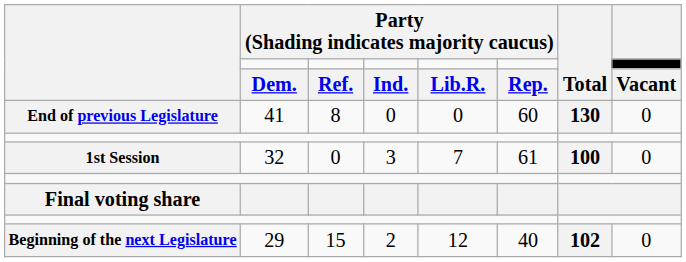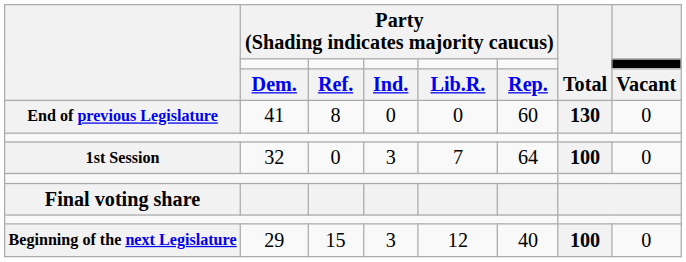 <table class=wikitable style="text-align:center">
 <tr style="vertical-align:bottom;">
 <th rowspan=3></th>
 <th colspan=5>Party <div>(Shading indicates majority caucus)</div></th>
 <th rowspan=3>Total</th>
 <th></th>
 </tr>
 <tr style="height:5px">
 <td style="background-color:"></td>
 <td style="background-color:"></td>
 <td style="background-color:"></td>
 <td style="background-color:"></td>
 <td style="background-color:"></td>
 <td style="background:black;"></td>
 </tr>
 <tr>
 <th><a href='#'>Dem.</a></th>
 <th><a href='#'>Ref.</a></th>
 <th><a href='#'>Ind.</a></th>
 <th><a href='#'>Lib.R.</a></th>
 <th><a href='#'>Rep.</a></th>
 <th>Vacant</th>
 </tr>
 <tr>
 <th style="font-size:80%;">End of <a href='#'>previous Legislature</a></th>
 <td>41</td>
 <td>8</td>
 <td>0</td>
 <td>0</td>
 <td>60</td>
 <th>130</th>
 <td>0</td>
 </tr>
 <tr>
 <td colspan=6></td>
 </tr>
 <tr>
 <th style="font-size:80%;">1st Session</th>
 <td>32</td>
 <td>0</td>
 <td>3</td>
 <td>7</td>
-<td>61</td>
+<td>64</td>
 <th>100</th>
 <td>0</td>
 </tr>
 <tr>
 <td colspan=6></td>
 </tr>
 <tr>
 <th>Final voting share</th>
 <th></th>
 <th></th>
 <th></th>
 <th></th>
 <th></th>
 <th colspan=2></th>
 </tr>
 <tr>
 <td colspan=6></td>
 </tr>
 <tr>
 <th style="font-size:80%;">Beginning of the <a href='#'>next Legislature</a></th>
 <td>29</td>
 <td>15</td>
-<td>2</td>
+<td>3</td>
 <td>12</td>
 <td>40</td>
-<th>102</th>
+<th>100</th>
 <td>0</td>
 </tr>
 </table>
